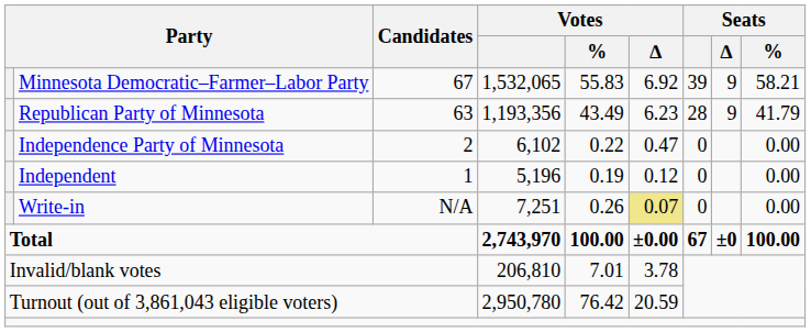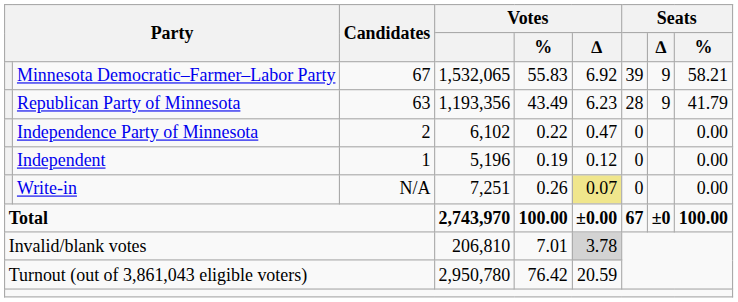 <table class="wikitable">
 <tr>
 <th rowspan="2" colspan="2">Party</th>
 <th rowspan="2">Candidates</th>
 <th colspan="3">Votes</th>
 <th colspan="3">Seats</th>
 </tr>
 <tr>
 <th></th>
 <th>%</th>
 <th>∆</th>
 <th></th>
 <th>∆</th>
 <th>%</th>
 </tr>
 <tr>
 <th style="background-color:"></th>
 <td><a href='#'>Minnesota Democratic–Farmer–Labor Party</a></td>
 <td align="right">67</td>
 <td align="right">1,532,065</td>
 <td align="right">55.83</td>
 <td align="right">6.92</td>
 <td align="right">39</td>
 <td align="right">9</td>
 <td align="right">58.21</td>
 </tr>
 <tr>
 <th style="background-color:"></th>
 <td><a href='#'>Republican Party of Minnesota</a></td>
 <td align="right">63</td>
 <td align="right">1,193,356</td>
 <td align="right">43.49</td>
 <td align="right">6.23</td>
 <td align="right">28</td>
 <td align="right">9</td>
 <td align="right">41.79</td>
 </tr>
 <tr>
 <th style="background-color:"></th>
 <td><a href='#'>Independence Party of Minnesota</a></td>
 <td align="right">2</td>
 <td align="right">6,102</td>
 <td align="right">0.22</td>
 <td align="right">0.47</td>
 <td align="right">0</td>
 <td align="right"></td>
 <td align="right">0.00</td>
 </tr>
 <tr>
 <th style="background-color:"></th>
 <td><a href='#'>Independent</a></td>
 <td align="right">1</td>
 <td align="right">5,196</td>
 <td align="right">0.19</td>
 <td align="right">0.12</td>
 <td align="right">0</td>
 <td align="right"></td>
 <td align="right">0.00</td>
 </tr>
 <tr>
 <th style="background-color:"></th>
 <td><a href='#'>Write-in</a></td>
 <td align="right">N/A</td>
 <td align="right">7,251</td>
 <td align="right">0.26</td>
 <td align="right" style="background: khaki;">0.07</td>
 <td align="right">0</td>
 <td align="right"></td>
 <td align="right">0.00</td>
 </tr>
 <tr>
 <td colspan="3" align="left"><strong>Total</strong></td>
 <td align="right"><strong>2,743,970</strong></td>
 <td align="right"><strong>100.00</strong></td>
 <td align="right"><strong>±0.00</strong></td>
 <td align="right"><strong>67</strong></td>
 <td align="right"><strong>±0</strong></td>
 <td align="right"><strong>100.00</strong></td>
 </tr>
 <tr>
 <td colspan="3" align="left">Invalid/blank votes</td>
 <td colspan="1" align="right">206,810</td>
 <td colspan="1" align="right">7.01</td>
-<td colspan="1" align="right">3.78</td>
+<td colspan="1" align="right" style="background: lightgrey;">3.78</td>
 <td rowspan="2" colspan="3"></td>
 </tr>
 <tr>
 <td colspan="3" align="left">Turnout (out of 3,861,043 eligible voters)</td>
 <td colspan="1" align="right">2,950,780</td>
 <td colspan="1" align="right">76.42</td>
 <td colspan="1" align="right">20.59</td>
 </tr>
 <tr>
 <td colspan="9"></td>
 </tr>
 </table>
